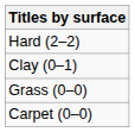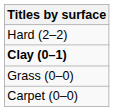 <table class=wikitable style=font-size:97%>
 <tr>
 <th>Titles by surface</th>
 </tr>
 <tr>
 <td>Hard (2–2)</td>
 </tr>
 <tr>
-<td>Clay (0–1)</td>
+<td><strong>Clay (0–1)</strong></td>
 </tr>
 <tr>
 <td>Grass (0–0)</td>
 </tr>
 <tr>
 <td>Carpet (0–0)</td>
 </tr>
 </table>
